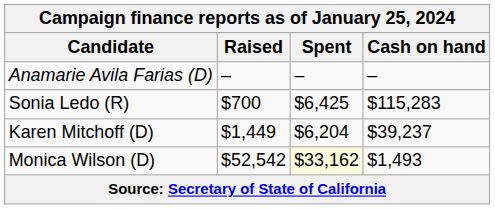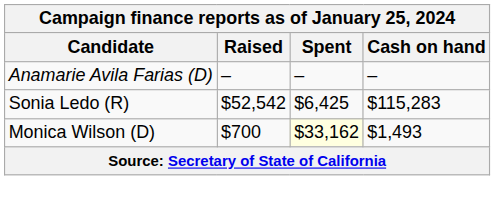 <table class="wikitable sortable">
 <tr>
 <th colspan=4>Campaign finance reports as of January 25, 2024</th>
 </tr>
 <tr style="text-align:center;">
 <th>Candidate</th>
 <th>Raised</th>
 <th>Spent</th>
 <th>Cash on hand</th>
 </tr>
 <tr>
 <td style="color:black;background-color:"><em>Anamarie Avila Farias (D)</em></td>
 <td>–</td>
 <td>–</td>
 <td>–</td>
 </tr>
 <tr>
 <td style="background-color:">Sonia Ledo (R)</td>
-<td>$700</td>
+<td>$52,542</td>
 <td>$6,425</td>
 <td>$115,283</td>
 </tr>
 <tr>
-<td style="color:black;background-color:">Karen Mitchoff (D)</td>
-<td>$1,449</td>
-<td>$6,204</td>
-<td>$39,237</td>
-</tr>
-<tr>
 <td style="color:black;background-color:">Monica Wilson (D)</td>
-<td>$52,542</td>
+<td>$700</td>
 <td style="background: lightyellow;">$33,162</td>
 <td>$1,493</td>
 </tr>
 <tr>
 <th colspan="4"><small>Source: <a href='#'>Secretary of State of California</a></small></th>
 </tr>
 </table>
